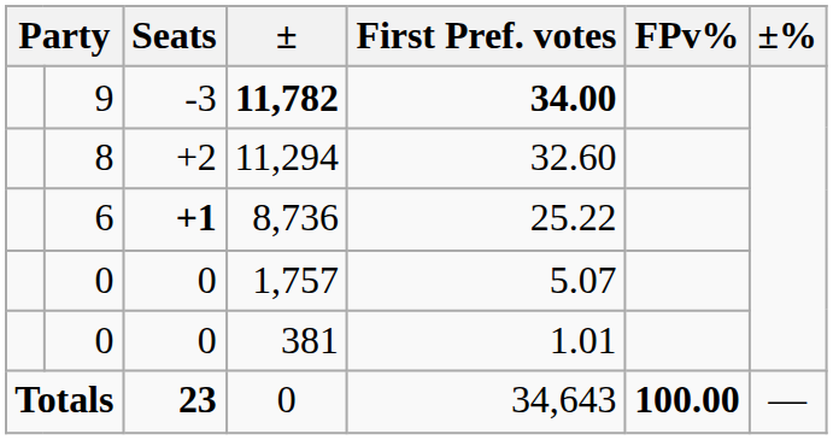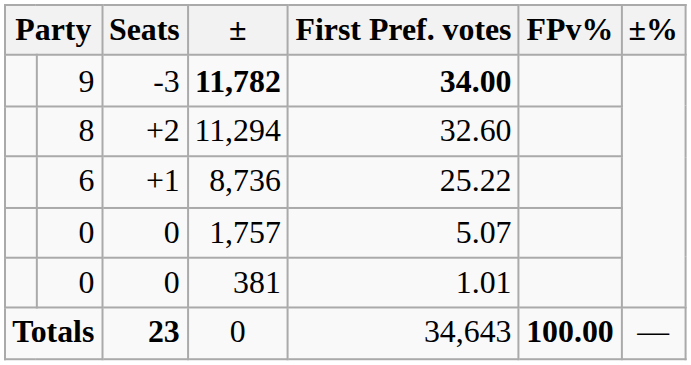 <table class="wikitable sortable" border="1">
 <tr>
 <th colspan=2 align=center>Party</th>
 <th valign=top>Seats</th>
 <th valign=top>±</th>
 <th valign=top>First Pref. votes</th>
 <th valign=top>FPv%</th>
 <th valign=top>±%</th>
 </tr>
 <tr>
 <td></td>
 <td align=right>9</td>
 <td align=right>-3</td>
 <td align=right><strong>11,782</strong></td>
 <td align=right><strong>34.00</strong></td>
 <td align=right></td>
 </tr>
 <tr>
 <td></td>
 <td align=right>8</td>
 <td align=right>+2</td>
 <td align=right>11,294</td>
 <td align=right>32.60</td>
 <td align=right></td>
 </tr>
 <tr>
 <td></td>
 <td align=right>6</td>
-<td align=right><strong>+1</strong></td>
+<td align=right>+1</td>
 <td align=right>8,736</td>
 <td align=right>25.22</td>
 <td align=right></td>
 </tr>
 <tr>
 <td></td>
 <td align=right>0</td>
 <td align=right>0</td>
 <td align=right>1,757</td>
 <td align=right>5.07</td>
 <td align=right></td>
 </tr>
 <tr>
 <td></td>
 <td align=right>0</td>
 <td align=right>0</td>
 <td align=right>381</td>
 <td align=right>1.01</td>
 <td align=right></td>
 </tr>
 <tr>
 <td colspan=2 align=center><strong>Totals</strong></td>
 <td align=right><strong>23</strong></td>
 <td align=center>0</td>
 <td align=right>34,643</td>
 <td align=center><strong>100.00</strong></td>
 <td align=center>—</td>
 </tr>
 </table>
